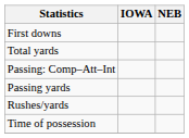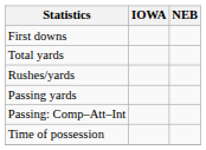 <table class="wikitable" style="float: left;">
 <tr>
 <th>Statistics</th>
 <th>IOWA</th>
 <th>NEB</th>
 </tr>
 <tr>
 <td>First downs</td>
 <td></td>
 <td></td>
 </tr>
 <tr>
 <td>Total yards</td>
 <td></td>
 <td></td>
 </tr>
 <tr>
-<td>Passing: Comp–Att–Int</td>
+<td>Rushes/yards</td>
 <td></td>
 <td></td>
 </tr>
 <tr>
 <td>Passing yards</td>
 <td></td>
 <td></td>
 </tr>
 <tr>
-<td>Rushes/yards</td>
+<td>Passing: Comp–Att–Int</td>
 <td></td>
 <td></td>
 </tr>
 <tr>
 <td>Time of possession</td>
 <td></td>
 <td></td>
 </tr>
 <tr>
 </tr>
 </table>
